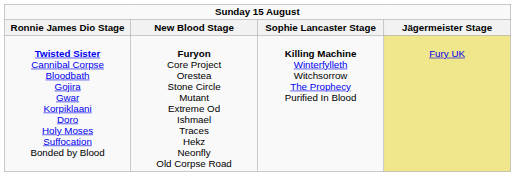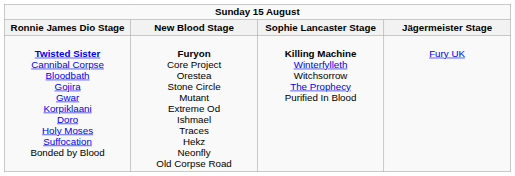 <table class="wikitable">
 <tr>
 <td colspan="4" align="center"><strong>Sunday 15 August</strong></td>
 </tr>
 <tr>
 <th>Ronnie James Dio Stage</th>
 <th>New Blood Stage</th>
 <th>Sophie Lancaster Stage</th>
 <th>Jägermeister Stage</th>
 </tr>
 <tr>
 <td valign="top" align="center" width=200><br><strong><a href='#'>Twisted Sister</a></strong><br> <a href='#'>Cannibal Corpse</a><br> <a href='#'>Bloodbath</a><br> <a href='#'>Gojira</a><br> <a href='#'>Gwar</a><br> <a href='#'>Korpiklaani</a><br> <a href='#'>Doro</a><br> <a href='#'>Holy Moses</a><br> <a href='#'>Suffocation</a><br> Bonded by Blood<br></td>
 <td valign="top" align="center" width=200><br><strong>Furyon</strong><br> Core Project<br> Orestea<br> Stone Circle<br> Mutant<br> Extreme Od<br> Ishmael<br> Traces<br> Hekz<br> Neonfly<br> Old Corpse Road<br></td>
 <td valign="top" align="center" width=200><br><strong>Killing Machine</strong><br> <a href='#'>Winterfylleth</a><br> Witchsorrow<br> <a href='#'>The Prophecy</a><br> Purified In Blood<br></td>
-<td valign="top" align="center" width=200 style="background: khaki;"><br><a href='#'>Fury UK</a></td>
+<td valign="top" align="center" width=200><br><a href='#'>Fury UK</a></td>
 </tr>
 </table>
